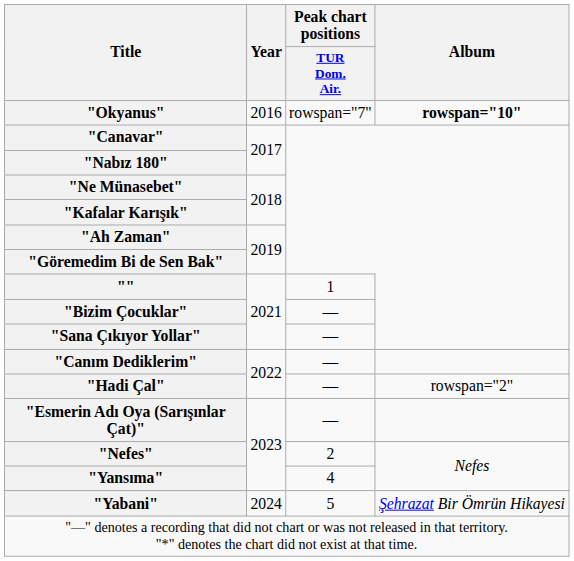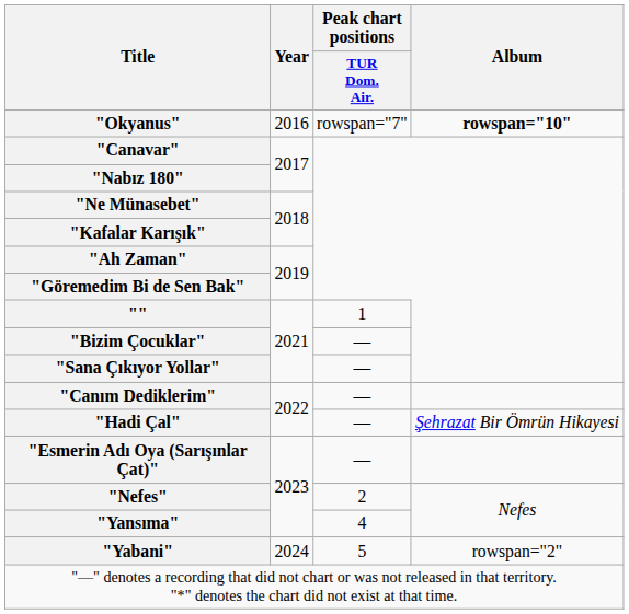 <table class="wikitable plainrowheaders" style="text-align:center;">
 <tr>
 <th scope="col" rowspan="2" style="width:15em;">Title</th>
 <th scope="col" rowspan="2" style="width:1em;">Year</th>
 <th>Peak chart positions</th>
 <th scope="col" rowspan="2">Album</th>
 </tr>
 <tr>
 <th scope="col" style="width:2.75em;font-size:85%;"><a href='#'>TUR<br>Dom.<br>Air.</a><br></th>
 </tr>
 <tr>
 <th scope="row">"Okyanus"</th>
 <td>2016</td>
 <td>rowspan="7" </td>
 <td><strong>rowspan="10" </strong></td>
 </tr>
 <tr>
 <th scope="row">"Canavar"</th>
 <td rowspan="2">2017</td>
 </tr>
 <tr>
 <th scope="row">"Nabız 180"</th>
 </tr>
 <tr>
 <th scope="row">"Ne Münasebet"</th>
 <td rowspan="2">2018</td>
 </tr>
 <tr>
 <th scope="row">"Kafalar Karışık"<br></th>
 </tr>
 <tr>
 <th scope="row">"Ah Zaman"</th>
 <td rowspan="2">2019</td>
 </tr>
 <tr>
 <th scope="row">"Göremedim Bi de Sen Bak"</th>
 </tr>
 <tr>
 <th scope="row">""</th>
 <td rowspan="3">2021</td>
 <td>1</td>
 </tr>
 <tr>
 <th scope="row">"Bizim Çocuklar"<br></th>
 <td>—</td>
 </tr>
 <tr>
 <th scope="row">"Sana Çıkıyor Yollar"</th>
 <td>—</td>
 </tr>
 <tr>
 <th scope="row">"Canım Dediklerim"</th>
 <td rowspan="2">2022</td>
 <td>—</td>
 <td><em></em></td>
 </tr>
 <tr>
 <th scope="row">"Hadi Çal"</th>
 <td>—</td>
-<td>rowspan="2" </td>
+<td><em><a href='#'>Şehrazat</a> Bir Ömrün Hikayesi</em></td>
 </tr>
 <tr>
 <th scope="row">"Esmerin Adı Oya (Sarışınlar Çat)"</th>
 <td rowspan="3">2023</td>
 <td>—</td>
 </tr>
 <tr>
 <th scope="row">"Nefes"</th>
 <td>2</td>
 <td rowspan="2"><em>Nefes</em></td>
 </tr>
 <tr>
 <th scope="row">"Yansıma"<br></th>
 <td>4</td>
 </tr>
 <tr>
 <th scope="row">"Yabani"</th>
 <td>2024</td>
 <td>5</td>
-<td><em><a href='#'>Şehrazat</a> Bir Ömrün Hikayesi</em></td>
+<td>rowspan="2" </td>
 </tr>
 <tr>
 <td colspan="6" style="font-size:90%">"—" denotes a recording that did not chart or was not released in that territory.<br> "*" denotes the chart did not exist at that time.</td>
 </tr>
 </table>
